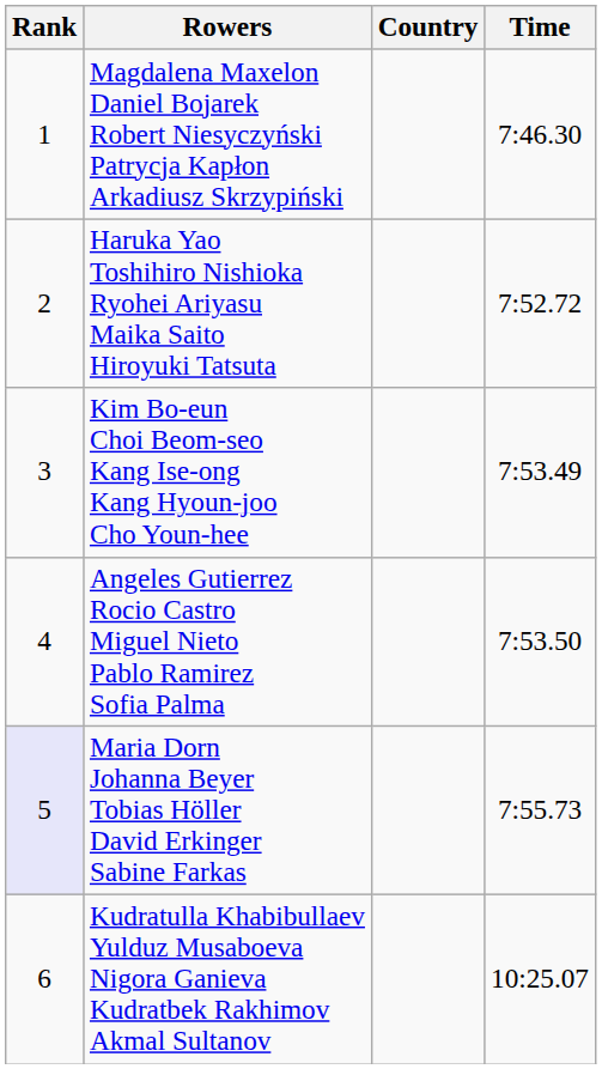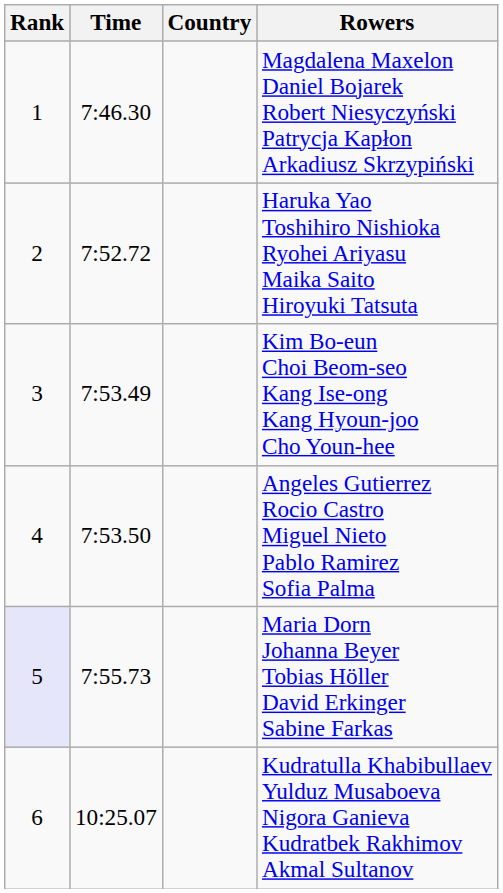 <table class="wikitable" style="text-align:center">
 <tr>
 <th>Rank</th>
+<th>Time</th>
+<th>Country</th>
 <th>Rowers</th>
-<th>Country</th>
-<th>Time</th>
 </tr>
 <tr>
 <td>1</td>
+<td>7:46.30</td>
+<td align="left"></td>
 <td align="left"><a href='#'>Magdalena Maxelon</a><br><a href='#'>Daniel Bojarek</a><br><a href='#'>Robert Niesyczyński</a><br><a href='#'>Patrycja Kapłon</a><br><a href='#'>Arkadiusz Skrzypiński</a></td>
-<td align="left"></td>
-<td>7:46.30</td>
 </tr>
 <tr>
 <td>2</td>
+<td>7:52.72</td>
+<td align="left"></td>
 <td align="left"><a href='#'>Haruka Yao</a><br><a href='#'>Toshihiro Nishioka</a><br><a href='#'>Ryohei Ariyasu</a><br><a href='#'>Maika Saito</a><br><a href='#'>Hiroyuki Tatsuta</a></td>
-<td align="left"></td>
-<td>7:52.72</td>
 </tr>
 <tr>
 <td>3</td>
+<td>7:53.49</td>
+<td align="left"></td>
 <td align="left"><a href='#'>Kim Bo-eun</a><br><a href='#'>Choi Beom-seo</a><br><a href='#'>Kang Ise-ong</a><br><a href='#'>Kang Hyoun-joo</a><br><a href='#'>Cho Youn-hee</a></td>
-<td align="left"></td>
-<td>7:53.49</td>
 </tr>
 <tr>
 <td>4</td>
+<td>7:53.50</td>
+<td align="left"></td>
 <td align="left"><a href='#'>Angeles Gutierrez</a><br><a href='#'>Rocio Castro</a><br><a href='#'>Miguel Nieto</a><br><a href='#'>Pablo Ramirez</a><br><a href='#'>Sofia Palma</a></td>
-<td align="left"></td>
-<td>7:53.50</td>
 </tr>
 <tr>
 <td style="background: lavender;">5</td>
+<td>7:55.73</td>
+<td align="left"></td>
 <td align="left"><a href='#'>Maria Dorn</a><br><a href='#'>Johanna Beyer</a><br><a href='#'>Tobias Höller</a><br><a href='#'>David Erkinger</a><br><a href='#'>Sabine Farkas</a></td>
-<td align="left"></td>
-<td>7:55.73</td>
 </tr>
 <tr>
 <td>6</td>
+<td>10:25.07</td>
+<td align="left"></td>
 <td align="left"><a href='#'>Kudratulla Khabibullaev</a><br><a href='#'>Yulduz Musaboeva</a><br><a href='#'>Nigora Ganieva</a><br><a href='#'>Kudratbek Rakhimov</a><br><a href='#'>Akmal Sultanov</a></td>
-<td align="left"></td>
-<td>10:25.07</td>
 </tr>
 </table>
